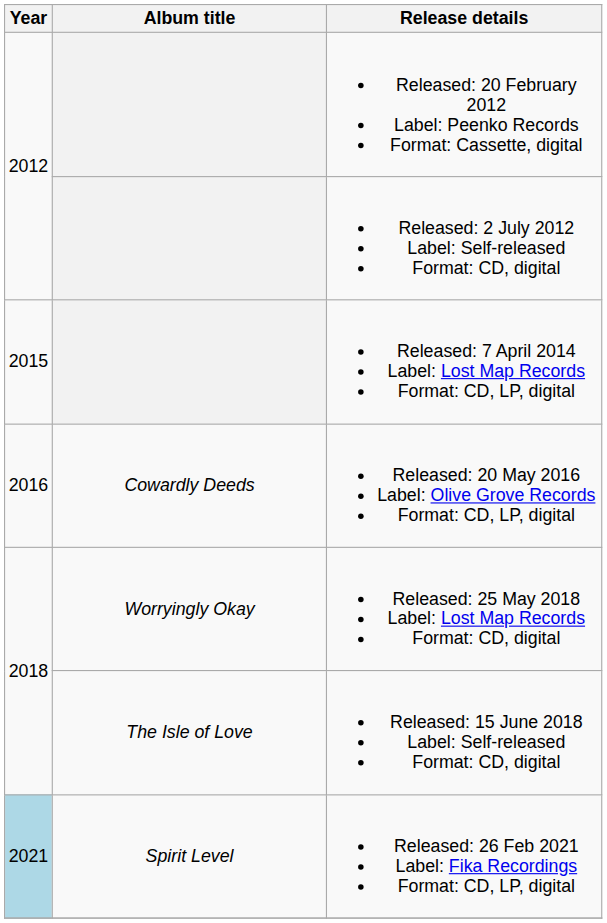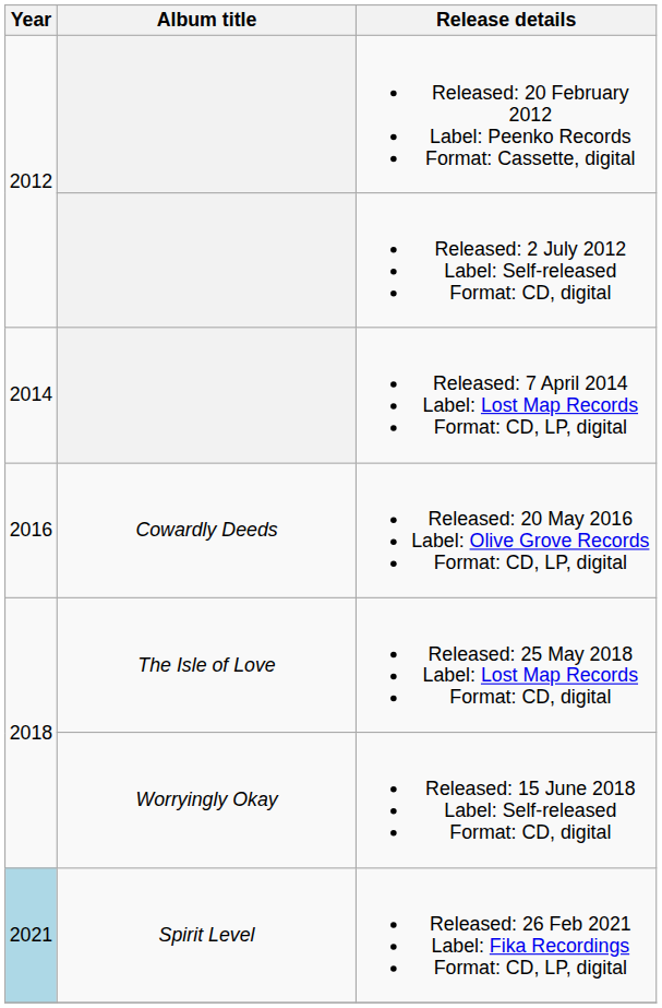 <table class="wikitable plainrowheaders" style="text-align:center;">
 <tr>
 <th>Year</th>
 <th scope="col" rowspan="1" style="width:15em;">Album title</th>
 <th scope="col" rowspan="1" style="width:15em;">Release details</th>
 </tr>
 <tr>
 <td rowspan="2">2012</td>
 <th></th>
 <td><br><ul><li>Released: 20 February 2012</li><li>Label: Peenko Records</li><li>Format: Cassette, digital</li></ul></td>
 </tr>
 <tr>
 <th></th>
 <td><br><ul><li>Released: 2 July 2012</li><li>Label: Self-released</li><li>Format: CD, digital</li></ul></td>
 </tr>
 <tr>
-<td>2015</td>
+<td>2014</td>
 <th></th>
 <td><br><ul><li>Released: 7 April 2014</li><li>Label: <a href='#'>Lost Map Records</a></li><li>Format: CD, LP, digital</li></ul></td>
 </tr>
 <tr>
 <td>2016</td>
 <td><em>Cowardly Deeds</em></td>
 <td><br><ul><li>Released: 20 May 2016</li><li>Label: <a href='#'>Olive Grove Records</a></li><li>Format: CD, LP, digital</li></ul></td>
 </tr>
 <tr>
 <td rowspan="2">2018</td>
-<td><em>Worryingly Okay</em></td>
+<td><em>The Isle of Love</em></td>
 <td><br><ul><li>Released: 25 May 2018</li><li>Label: <a href='#'>Lost Map Records</a></li><li>Format: CD, digital</li></ul></td>
 </tr>
 <tr>
-<td><em>The Isle of Love</em></td>
+<td><em>Worryingly Okay</em></td>
 <td><br><ul><li>Released: 15 June 2018</li><li>Label: Self-released</li><li>Format: CD, digital</li></ul></td>
 </tr>
 <tr>
 <td style="background: lightblue;">2021</td>
 <td><em>Spirit Level</em></td>
 <td><br><ul><li>Released: 26 Feb 2021</li><li>Label: <a href='#'>Fika Recordings</a></li><li>Format: CD, LP, digital</li></ul></td>
 </tr>
 <tr>
 </tr>
 </table>
